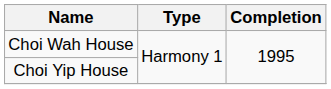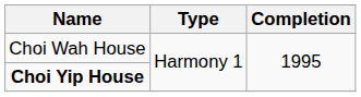 <table class="wikitable" style="text-align: center">
 <tr>
 <th>Name</th>
 <th>Type</th>
 <th>Completion</th>
 </tr>
 <tr>
 <td>Choi Wah House</td>
 <td rowspan="2">Harmony 1</td>
 <td rowspan="2">1995</td>
 </tr>
 <tr>
-<td>Choi Yip House</td>
+<td><strong>Choi Yip House</strong></td>
 </tr>
 <tr>
 </tr>
 </table>
